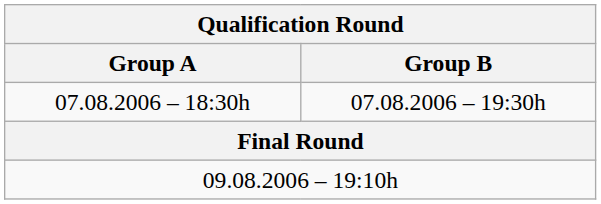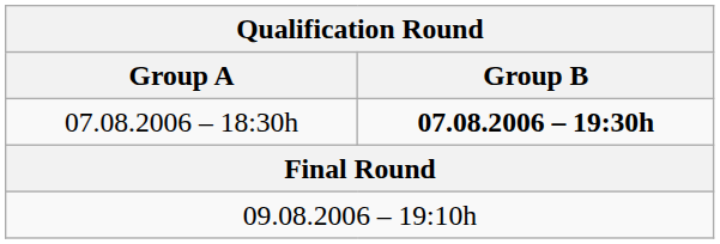 <table class="wikitable" style=" text-align:center; font-size:110%;" width="35%">
 <tr>
 <th colspan="2">Qualification Round</th>
 </tr>
 <tr>
 <th>Group A</th>
 <th>Group B</th>
 </tr>
 <tr>
 <td>07.08.2006 – 18:30h</td>
-<td>07.08.2006 – 19:30h</td>
+<td><strong>07.08.2006 – 19:30h</strong></td>
 </tr>
 <tr>
 <th colspan="2">Final Round</th>
 </tr>
 <tr>
 <td colspan="2">09.08.2006 – 19:10h</td>
 </tr>
 </table>
